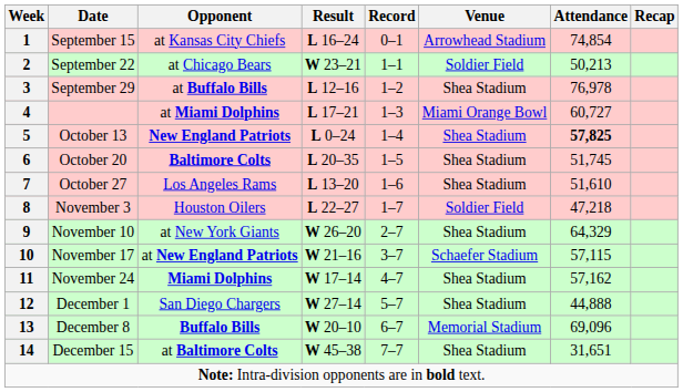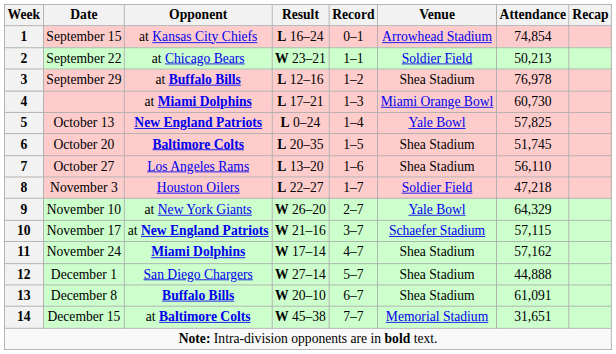 <table class="wikitable" style="text-align:center">
 <tr>
 <th>Week</th>
 <th>Date</th>
 <th>Opponent</th>
 <th>Result</th>
 <th>Record</th>
 <th>Venue</th>
 <th>Attendance</th>
 <th>Recap</th>
 </tr>
 <tr style="background: #fcc;">
 <th>1</th>
 <td>September 15</td>
 <td>at <a href='#'>Kansas City Chiefs</a></td>
 <td><strong>L</strong> 16–24</td>
 <td>0–1</td>
 <td><a href='#'>Arrowhead Stadium</a></td>
 <td>74,854</td>
 <td></td>
 </tr>
 <tr style="background: #cfc;">
 <th>2</th>
 <td>September 22</td>
 <td>at <a href='#'>Chicago Bears</a></td>
 <td><strong>W</strong> 23–21</td>
 <td>1–1</td>
 <td><a href='#'>Soldier Field</a></td>
 <td>50,213</td>
 <td></td>
 </tr>
 <tr style="background: #fcc;">
 <th>3</th>
 <td>September 29</td>
 <td>at <strong><a href='#'>Buffalo Bills</a></strong></td>
 <td><strong>L</strong> 12–16</td>
 <td>1–2</td>
 <td>Shea Stadium</td>
 <td>76,978</td>
 <td></td>
 </tr>
 <tr style="background: #fcc;">
 <th>4</th>
 <td></td>
 <td>at <strong><a href='#'>Miami Dolphins</a></strong></td>
 <td><strong>L</strong> 17–21</td>
 <td>1–3</td>
 <td><a href='#'>Miami Orange Bowl</a></td>
-<td>60,727</td>
+<td>60,730</td>
 <td></td>
 </tr>
 <tr style="background: #fcc;">
 <th>5</th>
 <td>October 13</td>
 <td><strong><a href='#'>New England Patriots</a></strong></td>
 <td><strong>L</strong> 0–24</td>
 <td>1–4</td>
-<td><a href='#'>Shea Stadium</a></td>
-<td><strong>57,825</strong></td>
+<td><a href='#'>Yale Bowl</a></td>
+<td>57,825</td>
 <td></td>
 </tr>
 <tr style="background: #fcc;">
 <th>6</th>
 <td>October 20</td>
 <td><strong><a href='#'>Baltimore Colts</a></strong></td>
 <td><strong>L</strong> 20–35</td>
 <td>1–5</td>
 <td>Shea Stadium</td>
 <td>51,745</td>
 <td></td>
 </tr>
 <tr style="background: #fcc;">
 <th>7</th>
 <td>October 27</td>
 <td><a href='#'>Los Angeles Rams</a></td>
 <td><strong>L</strong> 13–20</td>
 <td>1–6</td>
 <td>Shea Stadium</td>
-<td>51,610</td>
+<td>56,110</td>
 <td></td>
 </tr>
 <tr style="background: #fcc;">
 <th>8</th>
 <td>November 3</td>
 <td><a href='#'>Houston Oilers</a></td>
 <td><strong>L</strong> 22–27</td>
 <td>1–7</td>
 <td><a href='#'>Soldier Field</a></td>
 <td>47,218</td>
 <td></td>
 </tr>
 <tr style="background: #cfc;">
 <th>9</th>
 <td>November 10</td>
 <td>at <a href='#'>New York Giants</a></td>
 <td><strong>W</strong> 26–20 </td>
 <td>2–7</td>
-<td>Shea Stadium</td>
+<td><a href='#'>Yale Bowl</a></td>
 <td>64,329</td>
 <td></td>
 </tr>
 <tr style="background: #cfc;">
 <th>10</th>
 <td>November 17</td>
 <td>at <strong><a href='#'>New England Patriots</a></strong></td>
 <td><strong>W</strong> 21–16</td>
 <td>3–7</td>
 <td><a href='#'>Schaefer Stadium</a></td>
 <td>57,115</td>
 <td></td>
 </tr>
 <tr style="background: #cfc;">
 <th>11</th>
 <td>November 24</td>
 <td><strong><a href='#'>Miami Dolphins</a></strong></td>
 <td><strong>W</strong> 17–14</td>
 <td>4–7</td>
 <td>Shea Stadium</td>
 <td>57,162</td>
 <td></td>
 </tr>
 <tr style="background: #cfc;">
 <th>12</th>
 <td>December 1</td>
 <td><a href='#'>San Diego Chargers</a></td>
 <td><strong>W</strong> 27–14</td>
 <td>5–7</td>
 <td>Shea Stadium</td>
 <td>44,888</td>
 <td></td>
 </tr>
 <tr style="background: #cfc;">
 <th>13</th>
 <td>December 8</td>
 <td><strong><a href='#'>Buffalo Bills</a></strong></td>
 <td><strong>W</strong> 20–10</td>
 <td>6–7</td>
-<td><a href='#'>Memorial Stadium</a></td>
-<td>69,096</td>
+<td>Shea Stadium</td>
+<td>61,091</td>
 <td></td>
 </tr>
 <tr style="background: #cfc;">
 <th>14</th>
 <td>December 15</td>
 <td>at <strong><a href='#'>Baltimore Colts</a></strong></td>
 <td><strong>W</strong> 45–38</td>
 <td>7–7</td>
-<td>Shea Stadium</td>
+<td><a href='#'>Memorial Stadium</a></td>
 <td>31,651</td>
 <td></td>
 </tr>
 <tr>
 <td colspan="8"><strong>Note:</strong> Intra-division opponents are in <strong>bold</strong> text.</td>
 </tr>
 </table>
